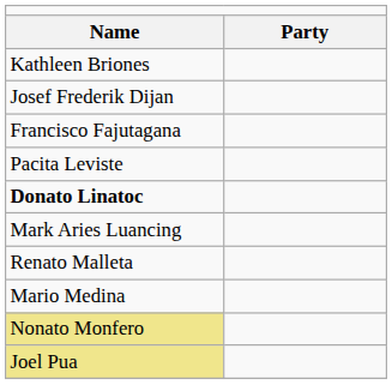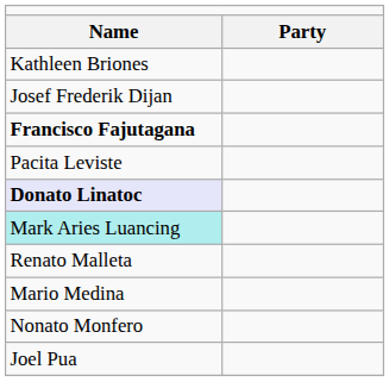 <table class=wikitable style="font-size:90%">
 <tr>
 <td colspan=4 bgcolor=></td>
 </tr>
 <tr>
 <th width=150px>Name</th>
 <th colspan=2 width=110px>Party</th>
 </tr>
 <tr>
 <td>Kathleen Briones</td>
 <td></td>
 </tr>
 <tr>
 <td>Josef Frederik Dijan</td>
 <td></td>
 </tr>
 <tr>
-<td>Francisco Fajutagana</td>
+<td><strong>Francisco Fajutagana</strong></td>
 <td></td>
 </tr>
 <tr>
 <td>Pacita Leviste</td>
 <td></td>
 </tr>
 <tr>
-<td><strong>Donato Linatoc</strong></td>
+<td style="background: lavender;"><strong>Donato Linatoc</strong></td>
 <td></td>
 </tr>
 <tr>
-<td>Mark Aries Luancing</td>
+<td style="background: paleturquoise;">Mark Aries Luancing</td>
 <td></td>
 </tr>
 <tr>
 <td>Renato Malleta</td>
 <td></td>
 </tr>
 <tr>
 <td>Mario Medina</td>
 <td></td>
 </tr>
 <tr>
-<td style="background: khaki;">Nonato Monfero</td>
+<td>Nonato Monfero</td>
 <td></td>
 </tr>
 <tr>
-<td style="background: khaki;">Joel Pua</td>
+<td>Joel Pua</td>
 <td></td>
 </tr>
 <tr>
 </tr>
 </table>
